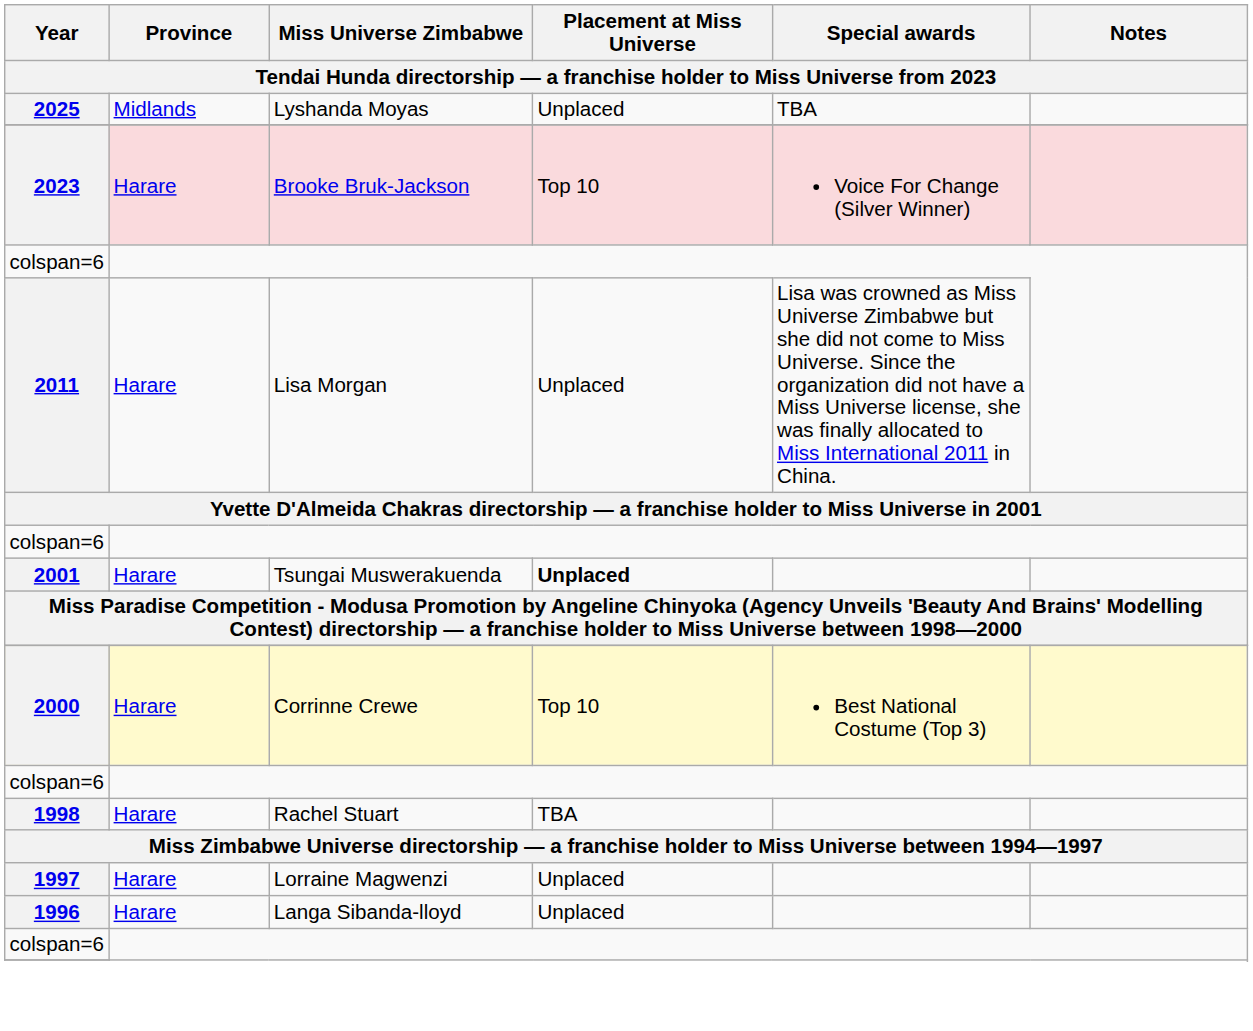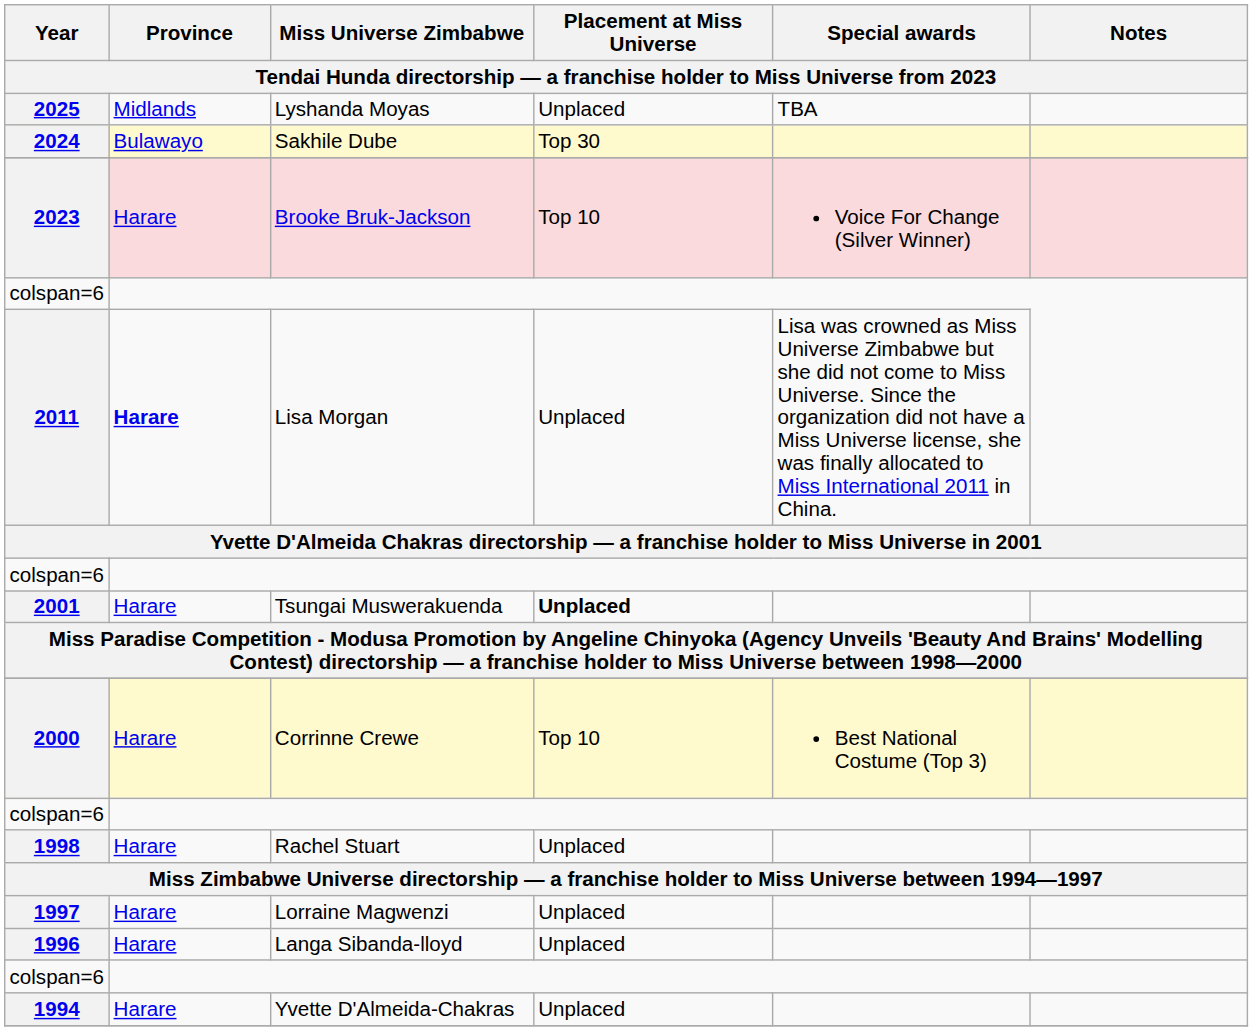 <table class="wikitable " style="font-size: 90%;">
 <tr>
 <th width="60">Year</th>
 <th width="150">Province</th>
 <th width="250">Miss Universe Zimbabwe</th>
 <th width="250">Placement at Miss Universe</th>
 <th width="250">Special awards</th>
 <th width="250">Notes</th>
 </tr>
 <tr>
 <th colspan="6">Tendai Hunda directorship — a franchise holder to Miss Universe from 2023</th>
 </tr>
 <tr>
 <th><a href='#'>2025</a></th>
 <td><a href='#'>Midlands</a></td>
 <td>Lyshanda Moyas</td>
 <td>Unplaced</td>
 <td>TBA</td>
 <td></td>
 </tr>
+<tr style="background-color:#FFFACD; ">
+<th><a href='#'>2024</a></th>
+<td><a href='#'>Bulawayo</a></td>
+<td>Sakhile Dube</td>
+<td>Top 30</td>
+<td></td>
+<td></td>
+</tr>
 <tr>
 </tr>
 <tr style="background-color:#FADADD; ">
 <th><a href='#'>2023</a></th>
 <td><a href='#'>Harare</a></td>
 <td><a href='#'>Brooke Bruk-Jackson</a></td>
 <td>Top 10</td>
 <td align="left"><br><ul><li>Voice For Change (Silver Winner)</li></ul></td>
 <td></td>
 </tr>
 <tr>
 <td>colspan=6 </td>
 </tr>
 <tr>
 <th><a href='#'>2011</a></th>
-<td><a href='#'>Harare</a></td>
+<td><strong><a href='#'>Harare</a></strong></td>
 <td>Lisa Morgan</td>
 <td>Unplaced</td>
 <td>Lisa was crowned as Miss Universe Zimbabwe but she did not come to Miss Universe. Since the organization did not have a Miss Universe license, she was finally allocated to <a href='#'>Miss International 2011</a> in China.</td>
 </tr>
 <tr>
 <th colspan="6">Yvette D'Almeida Chakras directorship — a franchise holder to Miss Universe in 2001</th>
 </tr>
 <tr>
 <td>colspan=6 </td>
 </tr>
 <tr>
 <th><a href='#'>2001</a></th>
 <td><a href='#'>Harare</a></td>
 <td>Tsungai Muswerakuenda</td>
 <td><strong>Unplaced</strong></td>
 <td></td>
 <td></td>
 </tr>
 <tr>
 <th colspan="6">Miss Paradise Competition - Modusa Promotion by Angeline Chinyoka (Agency Unveils 'Beauty And Brains' Modelling Contest) directorship — a franchise holder to Miss Universe between 1998―2000</th>
 </tr>
 <tr>
 </tr>
 <tr style="background-color:#FFFACD; ">
 <th><a href='#'>2000</a></th>
 <td><a href='#'>Harare</a></td>
 <td>Corrinne Crewe</td>
 <td>Top 10</td>
 <td align="left"><br><ul><li>Best National Costume (Top 3)</li></ul></td>
 <td></td>
 </tr>
 <tr>
 <td>colspan=6 </td>
 </tr>
 <tr>
 <th><a href='#'>1998</a></th>
 <td><a href='#'>Harare</a></td>
 <td>Rachel Stuart</td>
-<td>TBA</td>
+<td>Unplaced</td>
 <td></td>
 <td></td>
 </tr>
 <tr>
 <th colspan="6">Miss Zimbabwe Universe directorship — a franchise holder to Miss Universe between 1994―1997</th>
 </tr>
 <tr>
 <th><a href='#'>1997</a></th>
 <td><a href='#'>Harare</a></td>
 <td>Lorraine Magwenzi</td>
 <td>Unplaced</td>
 <td></td>
 <td></td>
 </tr>
 <tr>
 <th><a href='#'>1996</a></th>
 <td><a href='#'>Harare</a></td>
 <td>Langa Sibanda-lloyd</td>
 <td>Unplaced</td>
 <td></td>
 <td></td>
 </tr>
 <tr>
 <td>colspan=6 </td>
 </tr>
 <tr>
+<th><a href='#'>1994</a></th>
+<td><a href='#'>Harare</a></td>
+<td>Yvette D'Almeida-Chakras</td>
+<td>Unplaced</td>
+<td></td>
+<td></td>
+</tr>
+<tr>
 </tr>
 </table>
